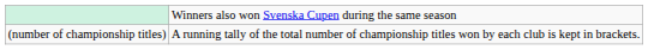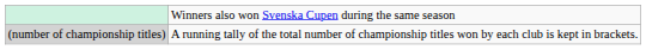 <table class="wikitable">
 <tr>
 <td bgcolor="#CEF2E0" align="center"><sup></sup></td>
 <td>Winners also won <a href='#'>Svenska Cupen</a> during the same season</td>
 </tr>
 <tr>
-<td align="center">(number of championship titles)</td>
+<td align="center" style="background: lightgrey;">(number of championship titles)</td>
 <td>A running tally of the total number of championship titles won by each club is kept in brackets.</td>
 </tr>
 </table>
